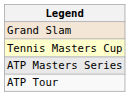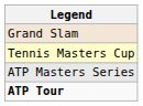 <table class="wikitable sortable mw-collapsible mw-collapsed">
 <tr>
 <th>Legend</th>
 </tr>
 <tr style="background:#f3e6d7;">
 <td>Grand Slam</td>
 </tr>
 <tr style="background:#ffffcc;">
 <td>Tennis Masters Cup</td>
 </tr>
 <tr style="background:#e9e9e9;">
 <td>ATP Masters Series</td>
 </tr>
 <tr>
-<td>ATP Tour</td>
+<td><strong>ATP Tour</strong></td>
 </tr>
 </table>
